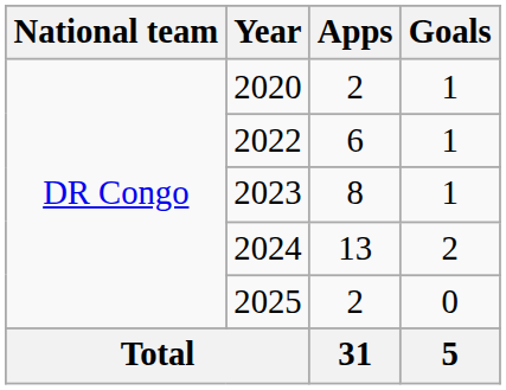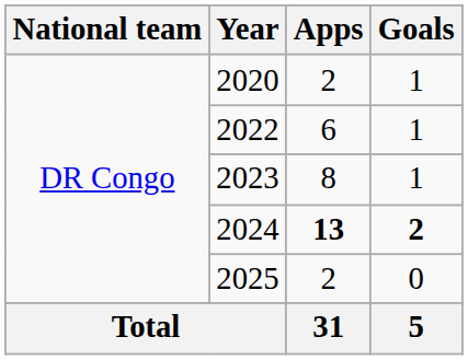 <table class="wikitable" style="text-align:center">
 <tr>
 <th>National team</th>
 <th>Year</th>
 <th>Apps</th>
 <th>Goals</th>
 </tr>
 <tr>
 <td rowspan="5"><a href='#'>DR Congo</a></td>
 <td>2020</td>
 <td>2</td>
 <td>1</td>
 </tr>
 <tr>
 <td>2022</td>
 <td>6</td>
 <td>1</td>
 </tr>
 <tr>
 <td>2023</td>
 <td>8</td>
 <td>1</td>
 </tr>
 <tr>
 <td>2024</td>
-<td>13</td>
-<td>2</td>
+<td><strong>13</strong></td>
+<td><strong>2</strong></td>
 </tr>
 <tr>
 <td>2025</td>
 <td>2</td>
 <td>0</td>
 </tr>
 <tr>
 <th colspan="2">Total</th>
 <th>31</th>
 <th>5</th>
 </tr>
 </table>
